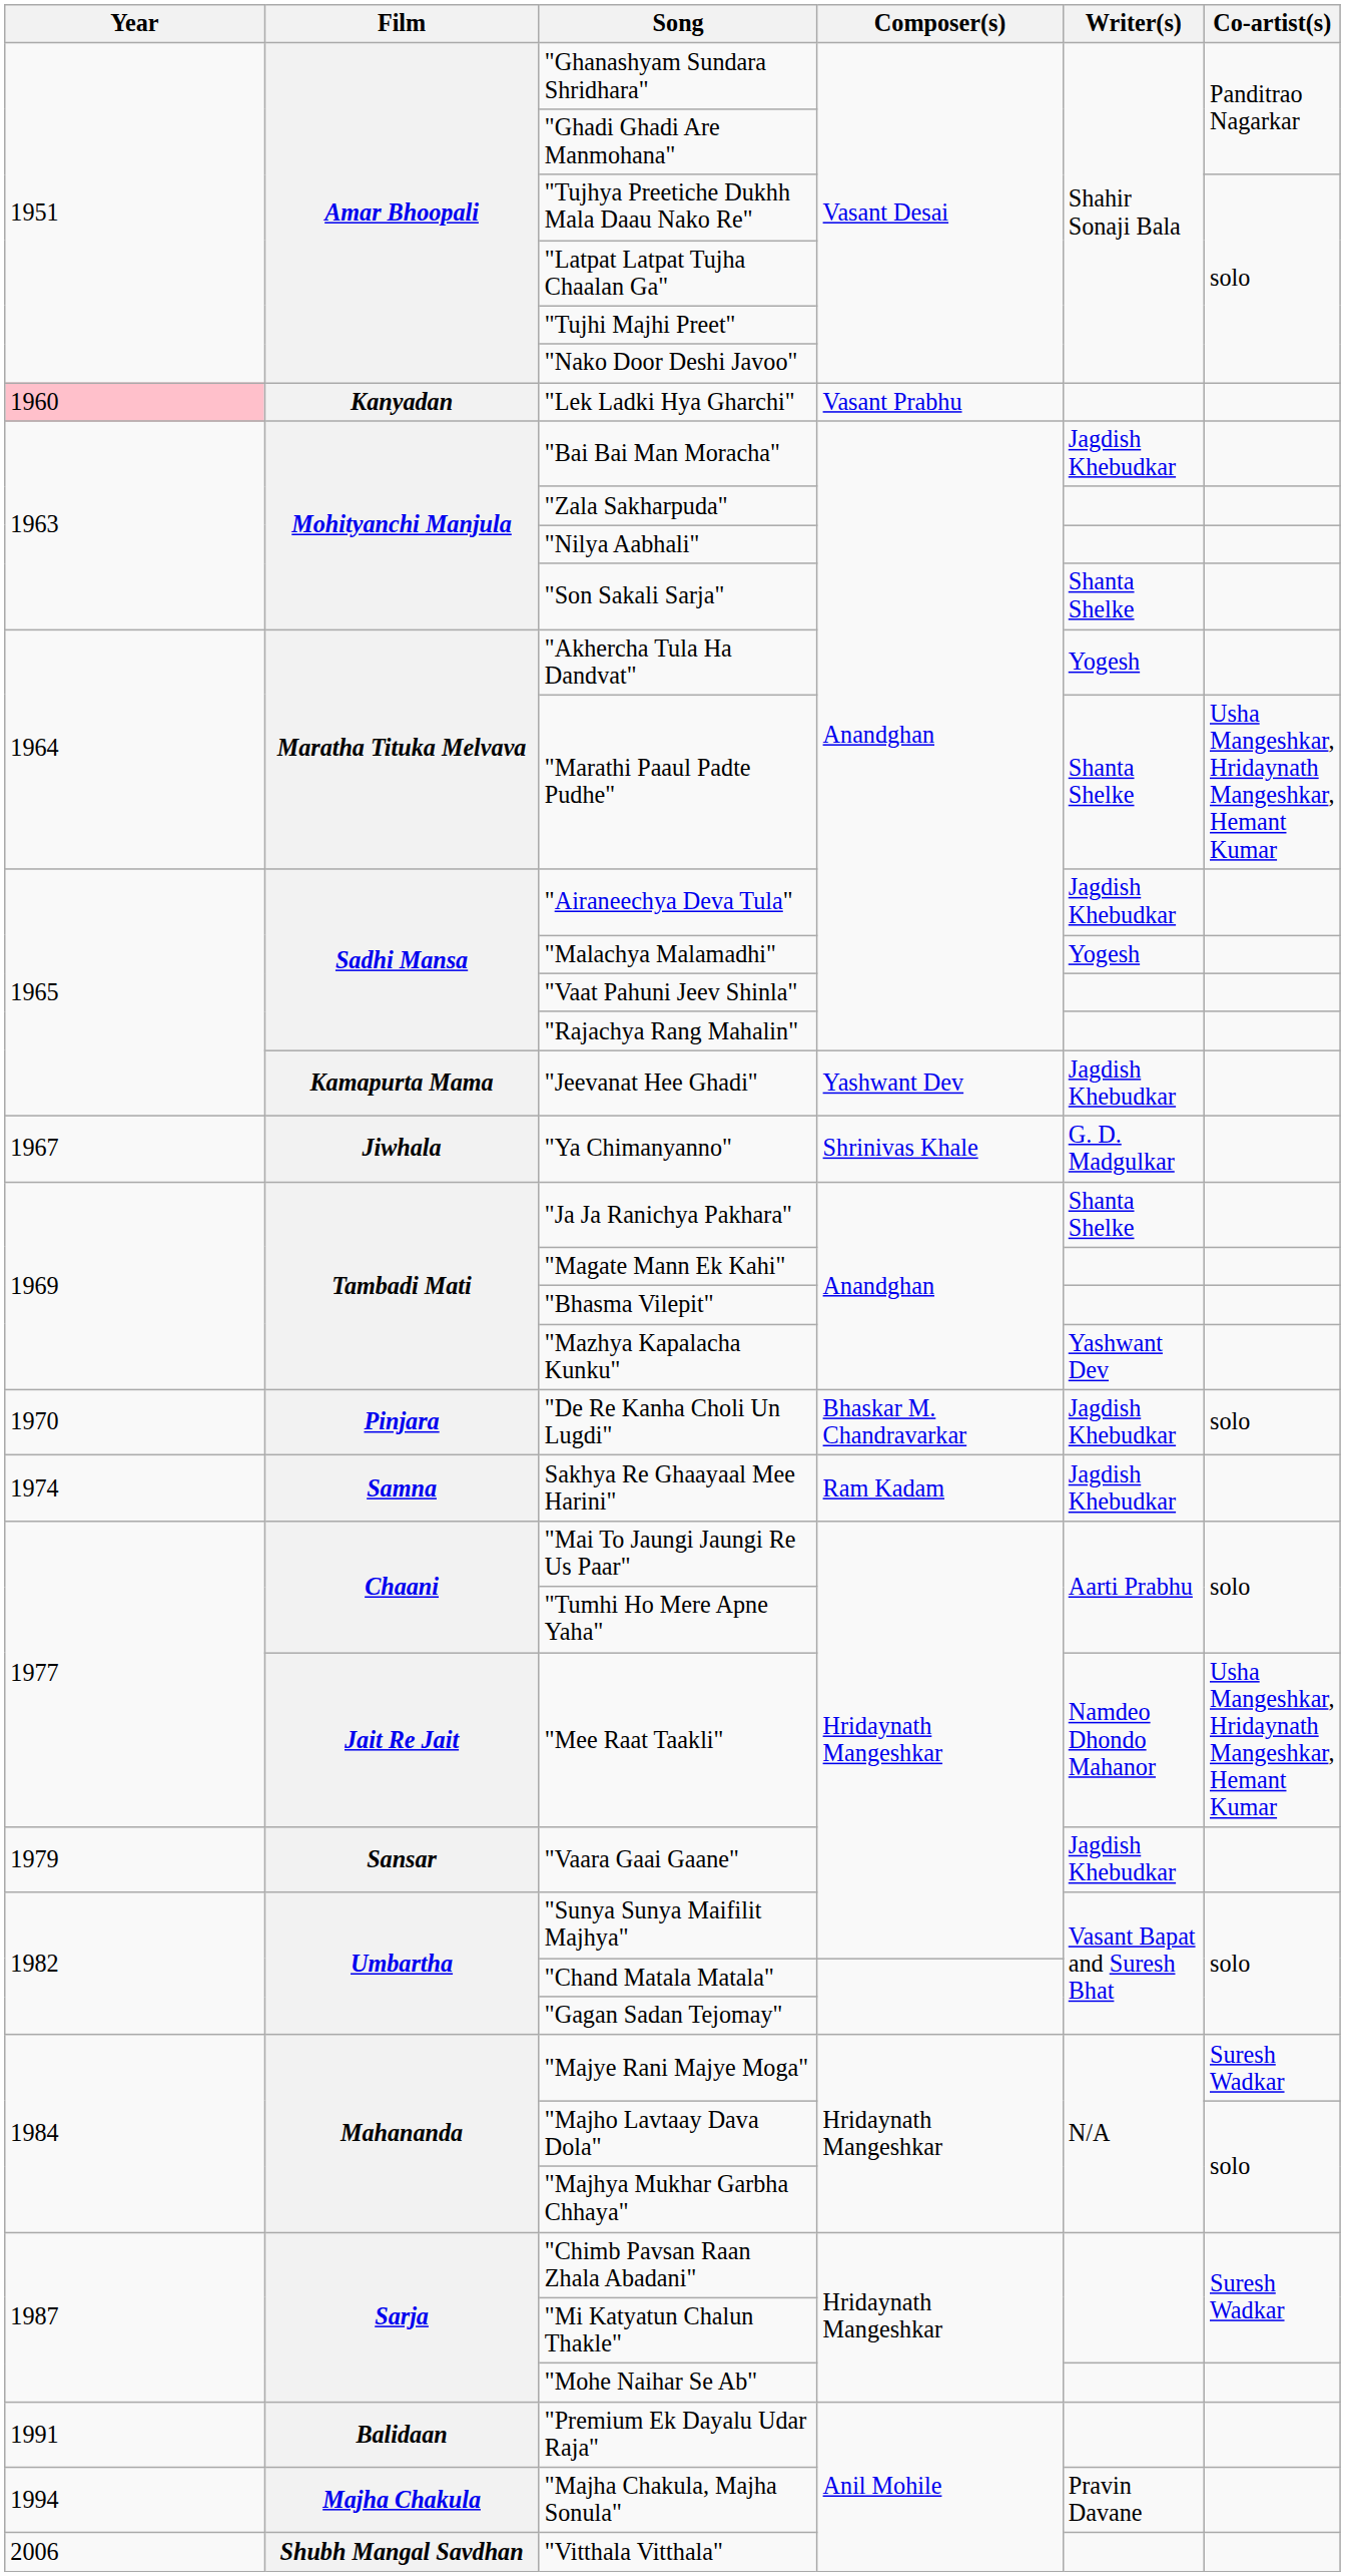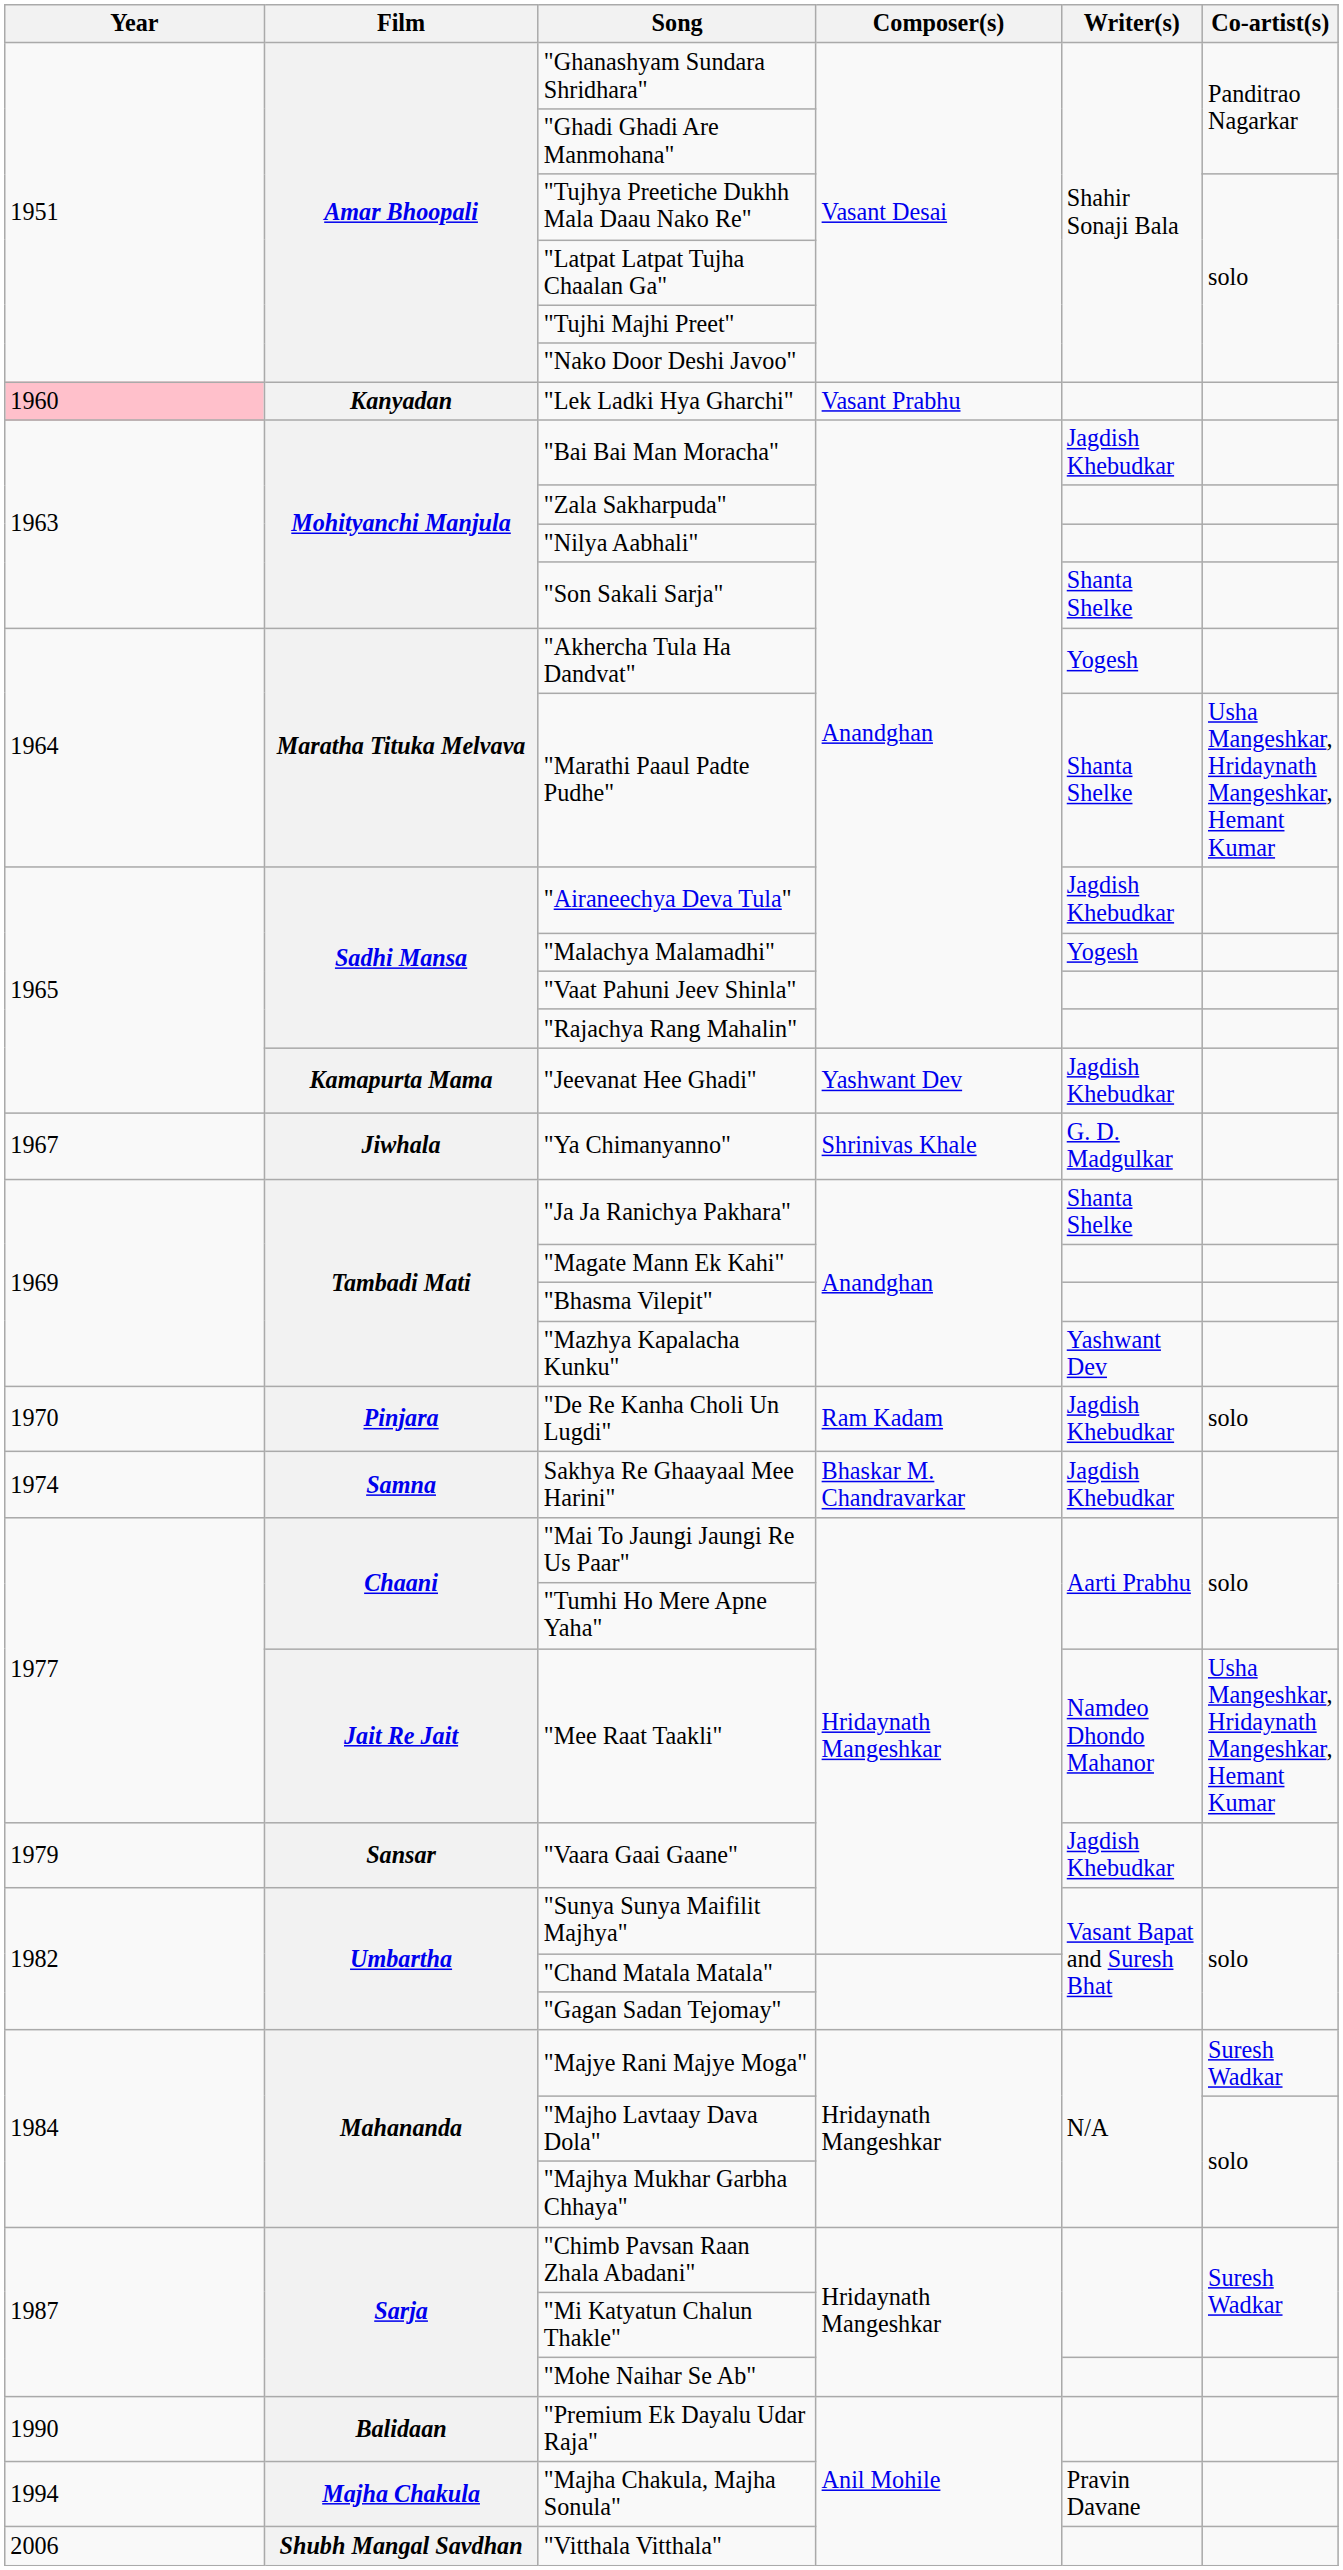 <table class="wikitable plainrowheaders" style="width:100%; textcolor:#000">
 <tr style="background:#b0e0e66;">
 <th scope="col" style="width:23%;"><strong>Year</strong></th>
 <th scope="col" style="width:23%;"><strong>Film</strong></th>
 <th scope="col" style="width:23%;"><strong>Song</strong></th>
 <th scope="col" style="width:20%;"><strong>Composer(s)</strong></th>
 <th scope="col" style="width:16%;"><strong>Writer(s)</strong></th>
 <th scope="col" style="width:18%;"><strong>Co-artist(s)</strong></th>
 </tr>
 <tr>
 <td rowspan=6>1951</td>
 <th Rowspan=6><em><a href='#'>Amar Bhoopali</a></em></th>
 <td>"Ghanashyam Sundara Shridhara"</td>
 <td rowspan=6><a href='#'>Vasant Desai</a></td>
 <td rowspan=6>Shahir Sonaji Bala</td>
 <td rowspan=2>Panditrao Nagarkar</td>
 </tr>
 <tr>
 <td>"Ghadi Ghadi Are Manmohana"</td>
 </tr>
 <tr>
 <td>"Tujhya Preetiche Dukhh Mala Daau Nako Re"</td>
 <td Rowspan=4>solo</td>
 </tr>
 <tr>
 <td>"Latpat Latpat Tujha Chaalan Ga"</td>
 </tr>
 <tr>
 <td>"Tujhi Majhi Preet"</td>
 </tr>
 <tr>
 <td>"Nako Door Deshi Javoo"</td>
 </tr>
 <tr>
 <td style="background: pink;">1960</td>
 <th><em>Kanyadan</em></th>
 <td>"Lek Ladki Hya Gharchi"</td>
 <td><a href='#'>Vasant Prabhu</a></td>
 <td></td>
 <td></td>
 </tr>
 <tr>
 <td rowspan="4">1963</td>
 <th rowspan="4"><em><a href='#'>Mohityanchi Manjula</a></em></th>
 <td>"Bai Bai Man Moracha"</td>
 <td rowspan="10"><a href='#'>Anandghan</a></td>
 <td><a href='#'>Jagdish Khebudkar</a></td>
 <td></td>
 </tr>
 <tr>
 <td>"Zala Sakharpuda"</td>
 <td></td>
 <td></td>
 </tr>
 <tr>
 <td>"Nilya Aabhali"</td>
 <td></td>
 <td></td>
 </tr>
 <tr>
 <td>"Son Sakali Sarja"</td>
 <td><a href='#'>Shanta Shelke</a></td>
 <td></td>
 </tr>
 <tr>
 <td rowspan="2">1964</td>
 <th rowspan="2"><em>Maratha Tituka Melvava</em></th>
 <td>"Akhercha Tula Ha Dandvat"</td>
 <td><a href='#'>Yogesh</a></td>
 <td></td>
 </tr>
 <tr>
 <td>"Marathi Paaul Padte Pudhe"</td>
 <td><a href='#'>Shanta Shelke</a></td>
 <td><a href='#'>Usha Mangeshkar</a>, <a href='#'>Hridaynath Mangeshkar</a>, <a href='#'>Hemant Kumar</a></td>
 </tr>
 <tr>
 <td rowspan="5">1965</td>
 <th rowspan="4"><em><a href='#'>Sadhi Mansa</a></em></th>
 <td>"<a href='#'>Airaneechya Deva Tula</a>"</td>
 <td><a href='#'>Jagdish Khebudkar</a></td>
 <td></td>
 </tr>
 <tr>
 <td>"Malachya Malamadhi"</td>
 <td><a href='#'>Yogesh</a></td>
 <td></td>
 </tr>
 <tr>
 <td>"Vaat Pahuni Jeev Shinla"</td>
 <td></td>
 <td></td>
 </tr>
 <tr>
 <td>"Rajachya Rang Mahalin"</td>
 <td></td>
 <td></td>
 </tr>
 <tr>
 <th><em>Kamapurta Mama</em></th>
 <td>"Jeevanat Hee Ghadi"</td>
 <td><a href='#'>Yashwant Dev</a></td>
 <td><a href='#'>Jagdish Khebudkar</a></td>
 <td></td>
 </tr>
 <tr>
 <td>1967</td>
 <th><em>Jiwhala</em></th>
 <td>"Ya Chimanyanno"</td>
 <td><a href='#'>Shrinivas Khale</a></td>
 <td><a href='#'>G. D. Madgulkar</a></td>
 <td></td>
 </tr>
 <tr>
 <td rowspan="4">1969</td>
 <th rowspan="4"><em>Tambadi Mati</em></th>
 <td>"Ja Ja Ranichya Pakhara"</td>
 <td rowspan="4"><a href='#'>Anandghan</a></td>
 <td><a href='#'>Shanta Shelke</a></td>
 <td></td>
 </tr>
 <tr>
 <td>"Magate Mann Ek Kahi"</td>
 <td></td>
 <td></td>
 </tr>
 <tr>
 <td>"Bhasma Vilepit"</td>
 <td></td>
 <td></td>
 </tr>
 <tr>
 <td>"Mazhya Kapalacha Kunku"</td>
 <td><a href='#'>Yashwant Dev</a></td>
 <td></td>
 </tr>
 <tr>
 <td rowspan="1">1970</td>
 <th><em><a href='#'>Pinjara</a></em></th>
 <td>"De Re Kanha Choli Un Lugdi"</td>
-<td><a href='#'>Bhaskar M. Chandravarkar</a></td>
+<td><a href='#'>Ram Kadam</a></td>
 <td><a href='#'>Jagdish Khebudkar</a></td>
 <td>solo</td>
 </tr>
 <tr>
 <td>1974</td>
 <th><em><a href='#'>Samna</a></em></th>
 <td>Sakhya Re Ghaayaal Mee Harini"</td>
-<td><a href='#'>Ram Kadam</a></td>
+<td><a href='#'>Bhaskar M. Chandravarkar</a></td>
 <td><a href='#'>Jagdish Khebudkar</a></td>
 <td></td>
 </tr>
 <tr>
 <td rowspan="3">1977</td>
 <th rowspan="2"><em><a href='#'>Chaani</a></em></th>
 <td>"Mai To Jaungi Jaungi Re Us Paar"</td>
 <td rowspan="5"><a href='#'>Hridaynath Mangeshkar</a></td>
 <td rowspan="2"><a href='#'>Aarti Prabhu</a></td>
 <td rowspan="2">solo</td>
 </tr>
 <tr>
 <td>"Tumhi Ho Mere Apne Yaha"</td>
 </tr>
 <tr>
 <th><em><a href='#'>Jait Re Jait</a></em></th>
 <td>"Mee Raat Taakli"</td>
 <td><a href='#'>Namdeo Dhondo Mahanor</a></td>
 <td><a href='#'>Usha Mangeshkar</a>, <a href='#'>Hridaynath Mangeshkar</a>, <a href='#'>Hemant Kumar</a></td>
 </tr>
 <tr>
 <td>1979</td>
 <th><em>Sansar</em></th>
 <td>"Vaara Gaai Gaane"</td>
 <td><a href='#'>Jagdish Khebudkar</a></td>
 <td></td>
 </tr>
 <tr>
 <td rowspan="3">1982</td>
 <th rowspan="3"><em><a href='#'>Umbartha</a></em></th>
 <td>"Sunya Sunya Maifilit Majhya"</td>
 <td rowspan="3"><a href='#'>Vasant Bapat</a> and <a href='#'>Suresh Bhat</a></td>
 <td rowspan="3">solo</td>
 </tr>
 <tr>
 <td>"Chand Matala Matala"</td>
 </tr>
 <tr>
 <td>"Gagan Sadan Tejomay"</td>
 </tr>
 <tr>
 <td rowspan=3>1984</td>
 <th Rowspan=3><em>Mahananda</em></th>
 <td>"Majye Rani Majye Moga"</td>
 <td rowspan=3>Hridaynath Mangeshkar</td>
 <td rowspan=3>N/A</td>
 <td><a href='#'>Suresh Wadkar</a></td>
 </tr>
 <tr>
 <td>"Majho Lavtaay Dava Dola"</td>
 <td rowspan=2>solo</td>
 </tr>
 <tr>
 <td>"Majhya Mukhar Garbha Chhaya"</td>
 </tr>
 <tr>
 <td rowspan="3">1987</td>
 <th rowspan="3"><em><a href='#'>Sarja</a></em></th>
 <td>"Chimb Pavsan Raan Zhala Abadani"</td>
 <td rowspan="3">Hridaynath Mangeshkar</td>
 <td rowspan=2></td>
 <td rowspan=2><a href='#'>Suresh Wadkar</a></td>
 </tr>
 <tr>
 <td>"Mi Katyatun Chalun Thakle"</td>
 </tr>
 <tr>
 <td>"Mohe Naihar Se Ab"</td>
 <td></td>
 <td></td>
 </tr>
 <tr>
-<td>1991</td>
+<td>1990</td>
 <th><em>Balidaan</em></th>
 <td>"Premium Ek Dayalu Udar Raja"</td>
 <td rowspan="3"><a href='#'>Anil Mohile</a></td>
 <td></td>
 <td></td>
 </tr>
 <tr>
 <td>1994</td>
 <th><em><a href='#'>Majha Chakula</a></em></th>
 <td>"Majha Chakula, Majha Sonula"</td>
 <td>Pravin Davane</td>
 <td></td>
 </tr>
 <tr>
 <td>2006</td>
 <th><em>Shubh Mangal Savdhan</em></th>
 <td>"Vitthala Vitthala"</td>
 <td></td>
 <td></td>
 </tr>
 </table>
